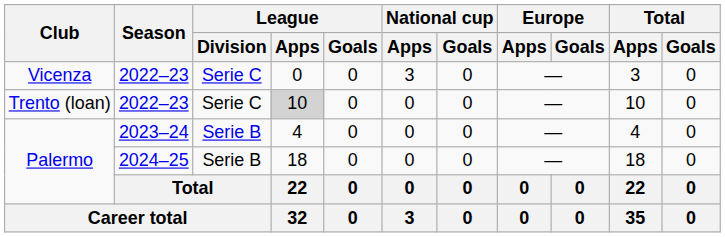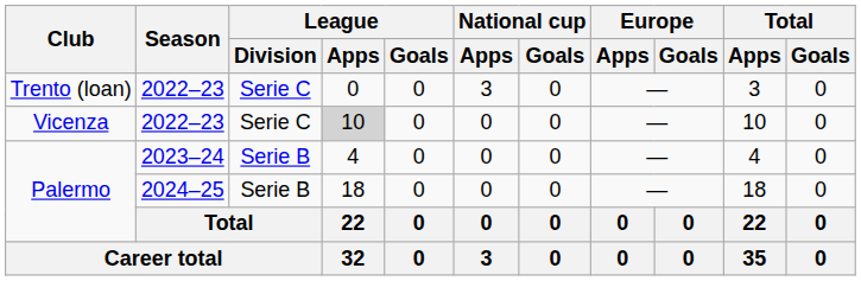 <table class="wikitable" style="text-align:center">
 <tr>
 <th rowspan="2">Club</th>
 <th rowspan="2">Season</th>
 <th colspan="3">League</th>
 <th colspan="2">National cup</th>
 <th colspan="2">Europe</th>
 <th colspan="2">Total</th>
 </tr>
 <tr>
 <th>Division</th>
 <th>Apps</th>
 <th>Goals</th>
 <th>Apps</th>
 <th>Goals</th>
 <th>Apps</th>
 <th>Goals</th>
 <th>Apps</th>
 <th>Goals</th>
 </tr>
 <tr>
-<td><a href='#'>Vicenza</a></td>
+<td><a href='#'>Trento</a> (loan)</td>
 <td><a href='#'>2022–23</a></td>
 <td><a href='#'>Serie C</a></td>
 <td>0</td>
 <td>0</td>
 <td>3</td>
 <td>0</td>
 <td colspan="2">—</td>
 <td>3</td>
 <td>0</td>
 </tr>
 <tr>
-<td><a href='#'>Trento</a> (loan)</td>
+<td><a href='#'>Vicenza</a></td>
 <td><a href='#'>2022–23</a></td>
 <td>Serie C</td>
 <td style="background: lightgrey;">10</td>
 <td>0</td>
 <td>0</td>
 <td>0</td>
 <td colspan="2">—</td>
 <td>10</td>
 <td>0</td>
 </tr>
 <tr>
 <td rowspan="3"><a href='#'>Palermo</a></td>
 <td><a href='#'>2023–24</a></td>
 <td><a href='#'>Serie B</a></td>
 <td>4</td>
 <td>0</td>
 <td>0</td>
 <td>0</td>
 <td colspan="2">—</td>
 <td>4</td>
 <td>0</td>
 </tr>
 <tr>
 <td><a href='#'>2024–25</a></td>
 <td>Serie B</td>
 <td>18</td>
 <td>0</td>
 <td>0</td>
 <td>0</td>
 <td colspan="2">—</td>
 <td>18</td>
 <td>0</td>
 </tr>
 <tr>
 <th colspan="2">Total</th>
 <th>22</th>
 <th>0</th>
 <th>0</th>
 <th>0</th>
 <th>0</th>
 <th>0</th>
 <th>22</th>
 <th>0</th>
 </tr>
 <tr>
 <th colspan="3">Career total</th>
 <th>32</th>
 <th>0</th>
 <th>3</th>
 <th>0</th>
 <th>0</th>
 <th>0</th>
 <th>35</th>
 <th>0</th>
 </tr>
 </table>
